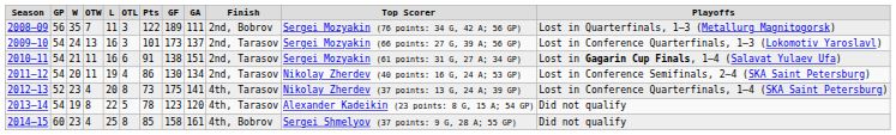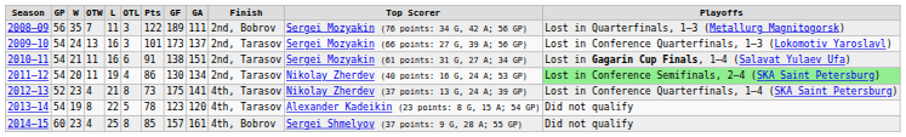 <table class="wikitable">
 <tr style="text-align:center; font-size:small; background:#ddd; padding:5px;"|>
 <td><strong>Season</strong></td>
 <td><strong>GP</strong></td>
 <td><strong>W</strong></td>
 <td><strong>OTW</strong></td>
 <td><strong>L</strong></td>
 <td><strong>OTL</strong></td>
 <td><strong>Pts</strong></td>
 <td><strong>GF</strong></td>
 <td><strong>GA</strong></td>
 <td><strong>Finish</strong></td>
 <td><strong>Top Scorer</strong></td>
 <td><strong>Playoffs</strong></td>
 </tr>
 <tr style="background:#eee;">
 <td><a href='#'>2008–09</a></td>
 <td>56</td>
 <td>35</td>
 <td>7</td>
 <td>11</td>
 <td>3</td>
 <td>122</td>
 <td>189</td>
 <td>111</td>
 <td>2nd, Bobrov</td>
 <td><a href='#'>Sergei Mozyakin</a> <small>(76 points: 34 G, 42 A; 56 GP)</small></td>
 <td>Lost in Quarterfinals, 1–3 (<a href='#'>Metallurg Magnitogorsk</a>)</td>
 </tr>
 <tr>
 <td><a href='#'>2009–10</a></td>
 <td>54</td>
 <td>24</td>
 <td>13</td>
 <td>16</td>
 <td>3</td>
 <td>101</td>
 <td>173</td>
 <td>137</td>
 <td>2nd, Tarasov</td>
 <td><a href='#'>Sergei Mozyakin</a> <small>(66 points: 27 G, 39 A; 56 GP)</small></td>
 <td>Lost in Conference Quarterfinals, 1–3 (<a href='#'>Lokomotiv Yaroslavl</a>)</td>
 </tr>
 <tr style="background:#eee;">
 <td><a href='#'>2010–11</a></td>
 <td>54</td>
 <td>21</td>
 <td>11</td>
 <td>16</td>
 <td>6</td>
 <td>91</td>
 <td>138</td>
 <td>151</td>
 <td>2nd, Tarasov</td>
 <td><a href='#'>Sergei Mozyakin</a> <small>(61 points: 31 G, 27 A; 34 GP)</small></td>
 <td>Lost in <strong>Gagarin Cup Finals</strong>, 1–4 (<a href='#'>Salavat Yulaev Ufa</a>)</td>
 </tr>
 <tr>
 <td><a href='#'>2011–12</a></td>
 <td>54</td>
 <td>20</td>
 <td>11</td>
 <td>19</td>
 <td>4</td>
 <td>86</td>
 <td>130</td>
 <td>134</td>
 <td>2nd, Tarasov</td>
 <td><a href='#'>Nikolay Zherdev</a> <small>(40 points: 16 G, 24 A; 53 GP)</small></td>
-<td>Lost in Conference Semifinals, 2–4 (<a href='#'>SKA Saint Petersburg</a>)</td>
+<td style="background: lightgreen;">Lost in Conference Semifinals, 2–4 (<a href='#'>SKA Saint Petersburg</a>)</td>
 </tr>
 <tr style="background:#eee;">
 <td><a href='#'>2012–13</a></td>
 <td>52</td>
 <td>23</td>
 <td>4</td>
-<td>20</td>
+<td>21</td>
 <td>8</td>
 <td>73</td>
 <td>175</td>
 <td>141</td>
 <td>4th, Tarasov</td>
 <td><a href='#'>Nikolay Zherdev</a> <small>(37 points: 13 G, 24 A; 39 GP)</small></td>
 <td>Lost in Conference Quarterfinals, 1–4 (<a href='#'>SKA Saint Petersburg</a>)</td>
 </tr>
 <tr>
 <td><a href='#'>2013–14</a></td>
 <td>54</td>
 <td>19</td>
 <td>8</td>
 <td>22</td>
 <td>5</td>
 <td>78</td>
 <td>123</td>
 <td>120</td>
 <td>4th, Tarasov</td>
 <td><a href='#'>Alexander Kadeikin</a> <small>(23 points: 8 G, 15 A; 54 GP)</small></td>
 <td>Did not qualify</td>
 </tr>
 <tr style="background:#eee;">
 <td><a href='#'>2014–15</a></td>
 <td>60</td>
 <td>23</td>
 <td>4</td>
 <td>25</td>
 <td>8</td>
 <td>85</td>
-<td>158</td>
+<td>157</td>
 <td>161</td>
 <td>4th, Bobrov</td>
 <td><a href='#'>Sergei Shmelyov</a> <small>(37 points: 9 G, 28 A; 55 GP)</small></td>
 <td>Did not qualify</td>
 </tr>
 </table>
